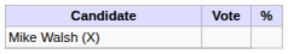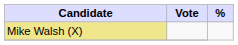 <table class="wikitable">
 <tr>
 <th style="background:#ddf; width:225px;">Candidate</th>
 <th style="background:#ddf; width:50px;">Vote</th>
 <th style="background:#ddf; width:30px;">%</th>
 </tr>
 <tr>
-<td>Mike Walsh (X)</td>
+<td style="background: khaki;">Mike Walsh (X)</td>
 <td></td>
 </tr>
 <tr>
 </tr>
 </table>
